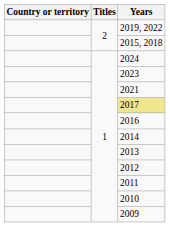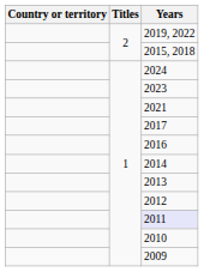 <table class="wikitable sortable" style="font-size: 95%">
 <tr>
 <th scope="col">Country or territory</th>
 <th scope="col">Titles</th>
 <th scope="col">Years</th>
 </tr>
 <tr>
 <td></td>
 <td rowspan="2" style="text-align:center;">2</td>
 <td>2019, 2022</td>
 </tr>
 <tr>
 <td></td>
 <td>2015, 2018</td>
 </tr>
 <tr>
 <td></td>
 <td rowspan="11" style="text-align:center;">1</td>
 <td>2024</td>
 </tr>
 <tr>
 <td></td>
 <td>2023</td>
 </tr>
 <tr>
 <td></td>
 <td>2021</td>
 </tr>
 <tr>
 <td></td>
-<td style="background: khaki;">2017</td>
+<td>2017</td>
 </tr>
 <tr>
 <td></td>
 <td>2016</td>
 </tr>
 <tr>
 <td></td>
 <td>2014</td>
 </tr>
 <tr>
 <td></td>
 <td>2013</td>
 </tr>
 <tr>
 <td></td>
 <td>2012</td>
 </tr>
 <tr>
 <td></td>
-<td>2011</td>
+<td style="background: lavender;">2011</td>
 </tr>
 <tr>
 <td></td>
 <td>2010</td>
 </tr>
 <tr>
 <td></td>
 <td>2009</td>
 </tr>
 </table>
